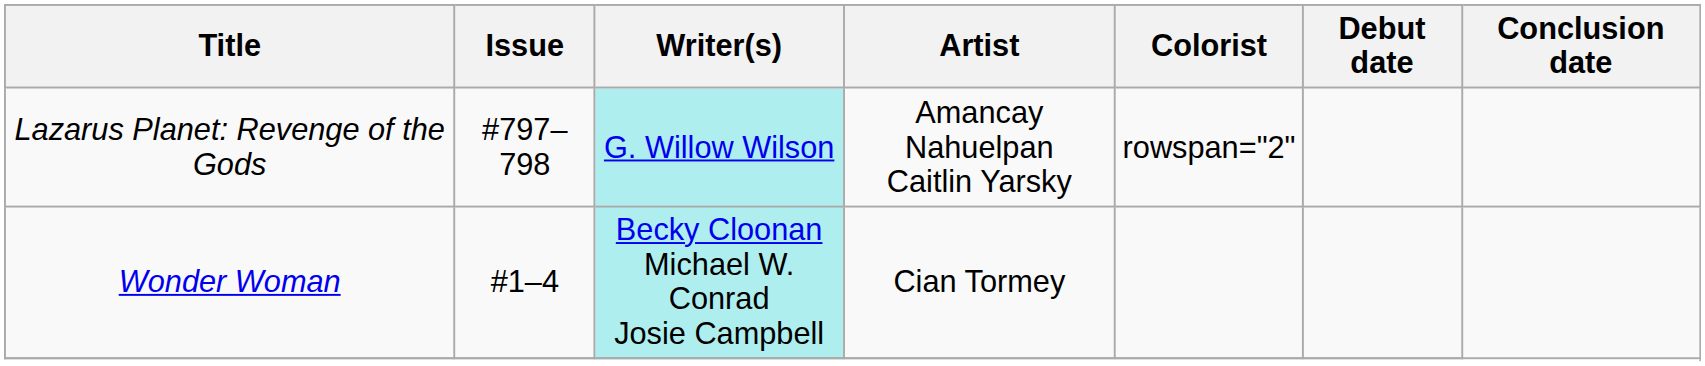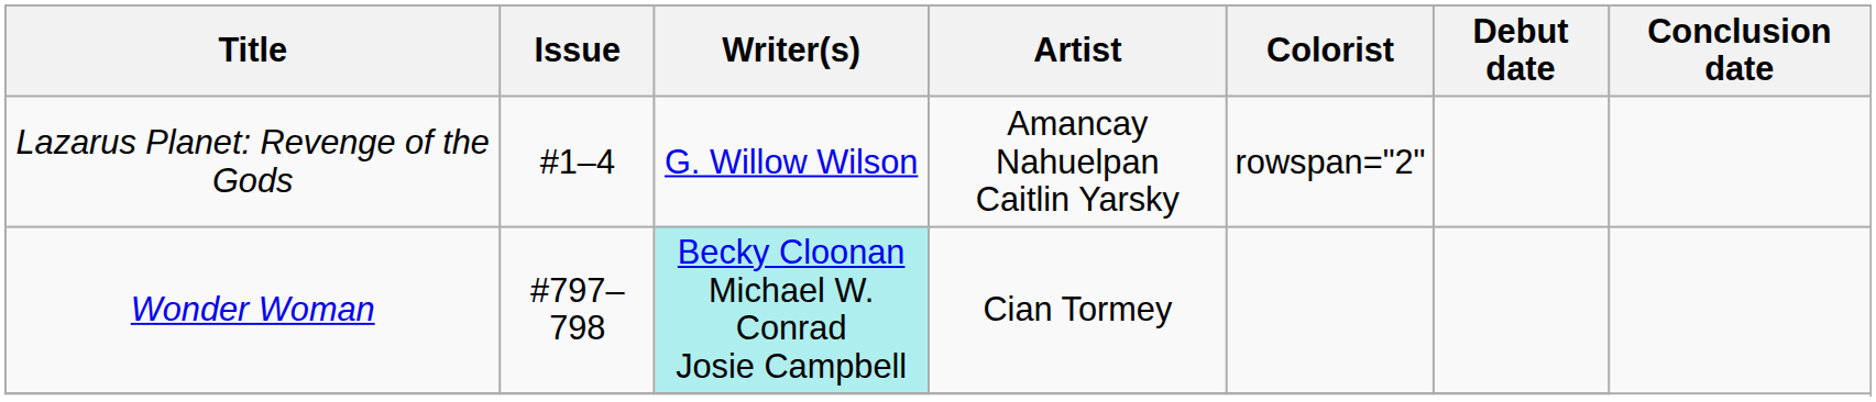 <table class="wikitable" style="text-align:center; width:100%">
 <tr>
 <th scope="col">Title</th>
 <th scope="col">Issue</th>
 <th scope="col">Writer(s)</th>
 <th scope="col">Artist</th>
 <th scope="col">Colorist</th>
 <th scope="col">Debut date</th>
 <th scope="col">Conclusion date</th>
 </tr>
 <tr>
 <td><em>Lazarus Planet: Revenge of the Gods</em></td>
-<td>#797–798</td>
-<td style="background: paleturquoise;"><a href='#'>G. Willow Wilson</a></td>
+<td>#1–4</td>
+<td><a href='#'>G. Willow Wilson</a></td>
 <td>Amancay Nahuelpan<br>Caitlin Yarsky</td>
 <td>rowspan="2" </td>
 <td></td>
 <td></td>
 </tr>
 <tr>
 <td><em><a href='#'>Wonder Woman</a></em></td>
-<td>#1–4</td>
+<td>#797–798</td>
 <td style="background: paleturquoise;"><a href='#'>Becky Cloonan</a><br>Michael W. Conrad<br>Josie Campbell</td>
 <td>Cian Tormey</td>
 <td></td>
 <td></td>
 </tr>
 <tr>
 </tr>
 </table>
